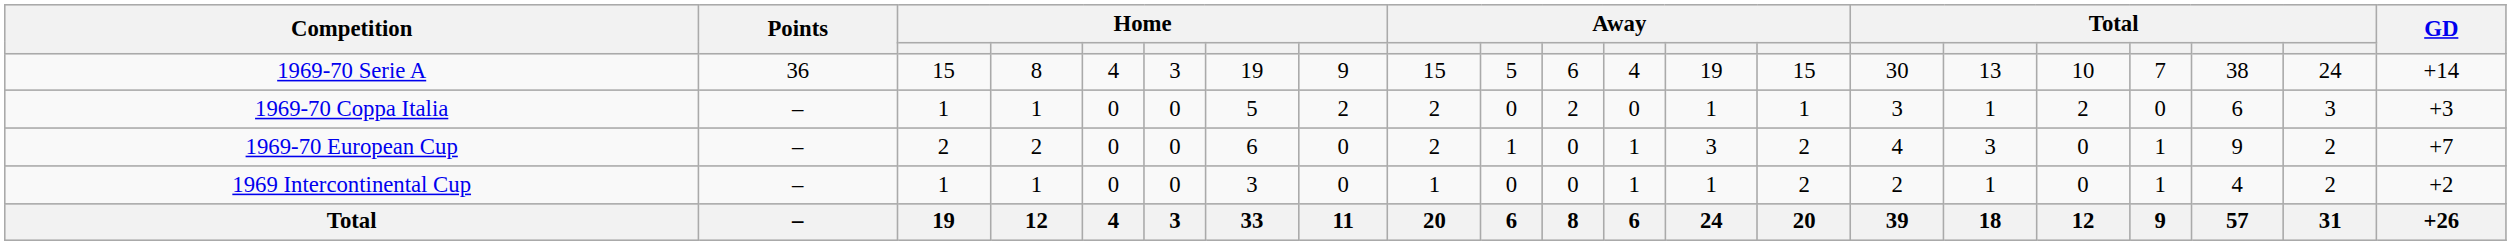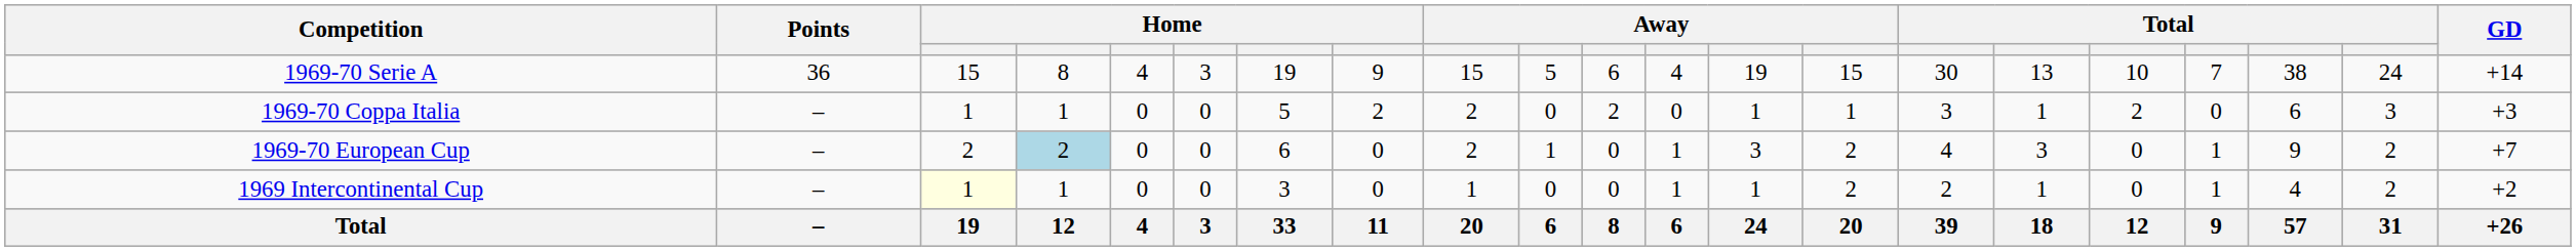 <table class="wikitable" style="font-size:90%;width:100%;margin:auto;clear:both;text-align:center;">
 <tr>
 <th rowspan="2">Competition</th>
 <th rowspan="2">Points</th>
 <th colspan="6">Home</th>
 <th colspan="6">Away</th>
 <th colspan="6">Total</th>
 <th rowspan="2"><a href='#'>GD</a></th>
 </tr>
 <tr>
 <th></th>
 <th></th>
 <th></th>
 <th></th>
 <th></th>
 <th></th>
 <th></th>
 <th></th>
 <th></th>
 <th></th>
 <th></th>
 <th></th>
 <th></th>
 <th></th>
 <th></th>
 <th></th>
 <th></th>
 <th></th>
 </tr>
 <tr>
 <td><a href='#'>1969-70 Serie A</a></td>
 <td>36</td>
 <td>15</td>
 <td>8</td>
 <td>4</td>
 <td>3</td>
 <td>19</td>
 <td>9</td>
 <td>15</td>
 <td>5</td>
 <td>6</td>
 <td>4</td>
 <td>19</td>
 <td>15</td>
 <td>30</td>
 <td>13</td>
 <td>10</td>
 <td>7</td>
 <td>38</td>
 <td>24</td>
 <td>+14</td>
 </tr>
 <tr>
 <td><a href='#'>1969-70 Coppa Italia</a></td>
 <td>–</td>
 <td>1</td>
 <td>1</td>
 <td>0</td>
 <td>0</td>
 <td>5</td>
 <td>2</td>
 <td>2</td>
 <td>0</td>
 <td>2</td>
 <td>0</td>
 <td>1</td>
 <td>1</td>
 <td>3</td>
 <td>1</td>
 <td>2</td>
 <td>0</td>
 <td>6</td>
 <td>3</td>
 <td>+3</td>
 </tr>
 <tr>
 <td><a href='#'>1969-70 European Cup</a></td>
 <td>–</td>
 <td>2</td>
-<td>2</td>
+<td style="background: lightblue;">2</td>
 <td>0</td>
 <td>0</td>
 <td>6</td>
 <td>0</td>
 <td>2</td>
 <td>1</td>
 <td>0</td>
 <td>1</td>
 <td>3</td>
 <td>2</td>
 <td>4</td>
 <td>3</td>
 <td>0</td>
 <td>1</td>
 <td>9</td>
 <td>2</td>
 <td>+7</td>
 </tr>
 <tr>
 <td><a href='#'>1969 Intercontinental Cup</a></td>
 <td>–</td>
-<td>1</td>
+<td style="background: lightyellow;">1</td>
 <td>1</td>
 <td>0</td>
 <td>0</td>
 <td>3</td>
 <td>0</td>
 <td>1</td>
 <td>0</td>
 <td>0</td>
 <td>1</td>
 <td>1</td>
 <td>2</td>
 <td>2</td>
 <td>1</td>
 <td>0</td>
 <td>1</td>
 <td>4</td>
 <td>2</td>
 <td>+2</td>
 </tr>
 <tr>
 <th>Total</th>
 <th>–</th>
 <th>19</th>
 <th>12</th>
 <th>4</th>
 <th>3</th>
 <th>33</th>
 <th>11</th>
 <th>20</th>
 <th>6</th>
 <th>8</th>
 <th>6</th>
 <th>24</th>
 <th>20</th>
 <th>39</th>
 <th>18</th>
 <th>12</th>
 <th>9</th>
 <th>57</th>
 <th>31</th>
 <th>+26</th>
 </tr>
 </table>
